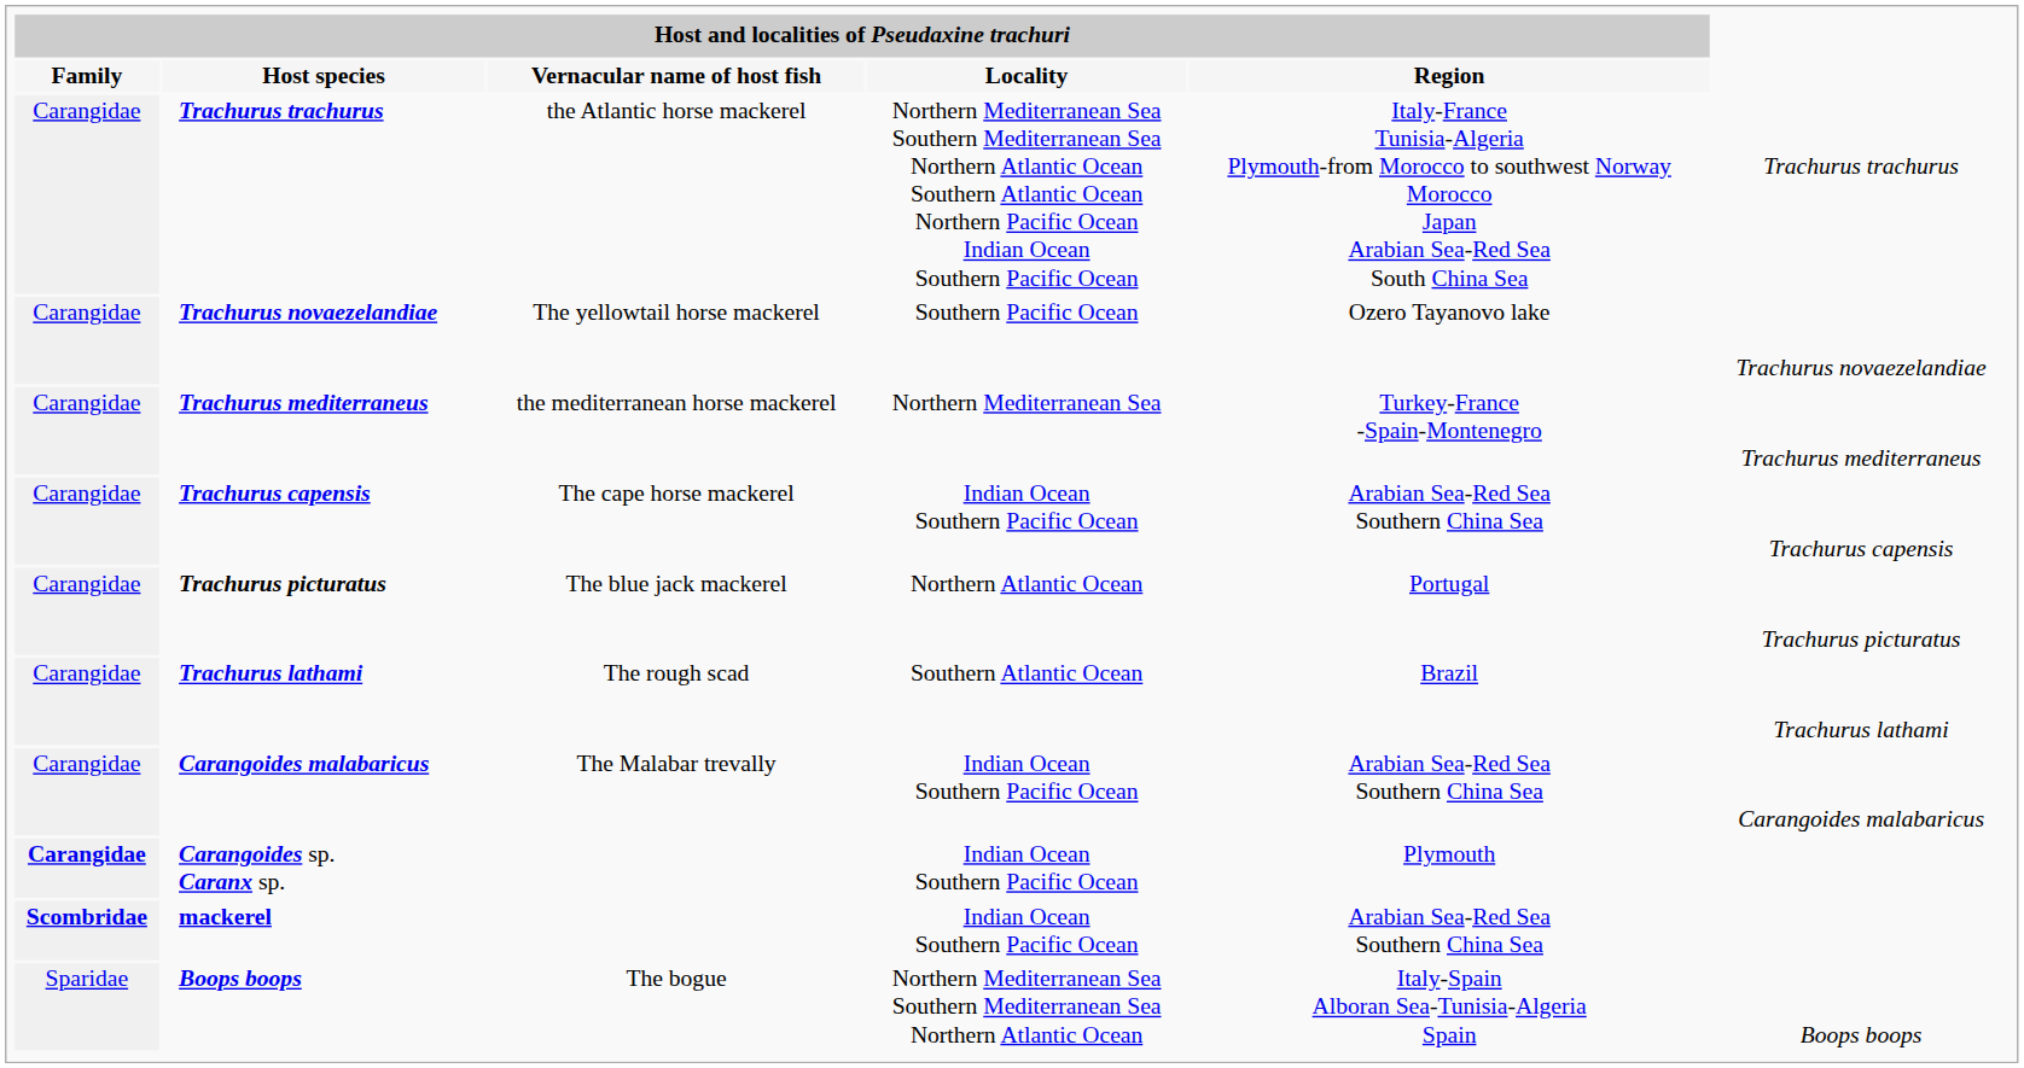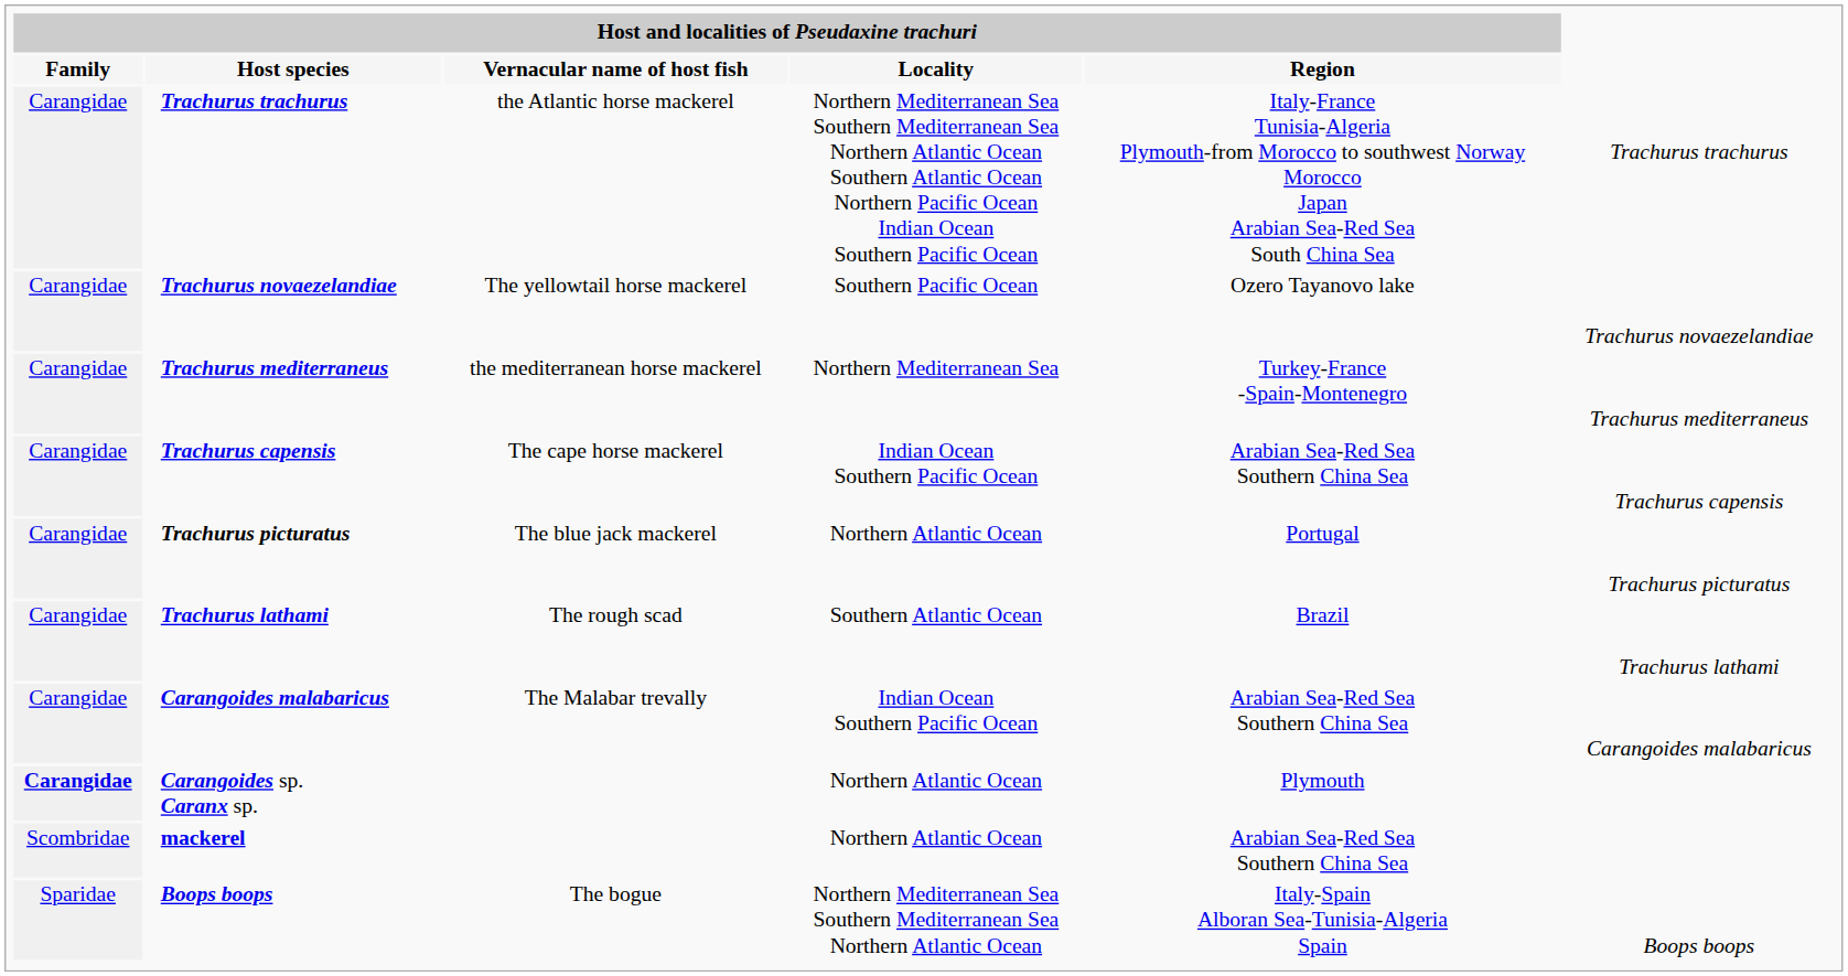 <table class="infobox" style="text-align:center; width:97%; margin-right:10px; font-size:90%">
 <tr>
 <th colspan="5" style="padding:0.3em 0; line-height:1.2em; background:#ccc;">Host and localities of <em>Pseudaxine trachuri</em></th>
 </tr>
 <tr style="background:#f5f5f5;">
 <th>Family</th>
 <th>Host species</th>
 <th>Vernacular name of host fish</th>
 <th>Locality</th>
 <th>Region</th>
 </tr>
 <tr>
 <td style="background:#f0f0f0; text-align: center;"><a href='#'>Carangidae</a></td>
 <td style="text-align: left; padding-left: 10px;"><strong><em><a href='#'>Trachurus trachurus</a></em></strong></td>
 <td>the Atlantic horse mackerel</td>
 <td>Northern <a href='#'>Mediterranean Sea</a><br>Southern <a href='#'>Mediterranean Sea</a><br>Northern <a href='#'>Atlantic Ocean</a><br>Southern <a href='#'>Atlantic Ocean</a><br>Northern <a href='#'>Pacific Ocean</a><br><a href='#'>Indian Ocean</a><br>Southern <a href='#'>Pacific Ocean</a></td>
 <td><a href='#'>Italy</a>-<a href='#'>France</a><br><a href='#'>Tunisia</a>-<a href='#'>Algeria</a><br><a href='#'>Plymouth</a>-from <a href='#'>Morocco</a> to southwest <a href='#'>Norway</a>   <br><a href='#'>Morocco</a><br><a href='#'>Japan</a> <br><a href='#'>Arabian Sea</a>-<a href='#'>Red Sea</a><br>South <a href='#'>China Sea</a></td>
 <td><br><br><em>Trachurus trachurus</em><br></td>
 </tr>
 <tr>
 <td style="background:#f0f0f0; text-align: center;"><a href='#'>Carangidae</a></td>
 <td style="text-align: left; padding-left: 10px;"><strong><em><a href='#'>Trachurus novaezelandiae</a></em></strong></td>
 <td>The yellowtail horse mackerel</td>
 <td>Southern <a href='#'>Pacific Ocean</a></td>
 <td>Ozero Tayanovo lake</td>
 <td><br><br><em>Trachurus novaezelandiae</em><br></td>
 </tr>
 <tr>
 <td style="background:#f0f0f0; text-align: center;"><a href='#'>Carangidae</a></td>
 <td style="text-align: left; padding-left: 10px;"><strong><em><a href='#'>Trachurus mediterraneus</a></em></strong></td>
 <td>the mediterranean horse mackerel</td>
 <td>Northern <a href='#'>Mediterranean Sea</a></td>
 <td><a href='#'>Turkey</a>-<a href='#'>France</a><br>-<a href='#'>Spain</a>-<a href='#'>Montenegro</a></td>
 <td><br><br><em>Trachurus mediterraneus</em><br></td>
 </tr>
 <tr>
 <td style="background:#f0f0f0; text-align: center;"><a href='#'>Carangidae</a></td>
 <td style="text-align: left; padding-left: 10px;"><strong><em><a href='#'>Trachurus capensis</a></em></strong></td>
 <td>The cape horse mackerel</td>
 <td><a href='#'>Indian Ocean</a><br>Southern <a href='#'>Pacific Ocean</a></td>
 <td><a href='#'>Arabian Sea</a>-<a href='#'>Red Sea</a><br>Southern <a href='#'>China Sea</a></td>
 <td><br><br><em>Trachurus capensis</em><br></td>
 </tr>
 <tr>
 <td style="background:#f0f0f0; text-align: center;"><a href='#'>Carangidae</a></td>
 <td style="text-align: left; padding-left: 10px;"><strong><em>Trachurus picturatus</em></strong></td>
 <td>The blue jack mackerel</td>
 <td>Northern <a href='#'>Atlantic Ocean</a></td>
 <td><a href='#'>Portugal</a></td>
 <td><br><br><em>Trachurus picturatus</em><br></td>
 </tr>
 <tr>
 <td style="background:#f0f0f0; text-align: center;"><a href='#'>Carangidae</a></td>
 <td style="text-align: left; padding-left: 10px;"><strong><em><a href='#'>Trachurus lathami</a></em></strong></td>
 <td>The rough scad</td>
 <td>Southern <a href='#'>Atlantic Ocean</a></td>
 <td><a href='#'>Brazil</a></td>
 <td><br><br><em>Trachurus lathami</em><br></td>
 </tr>
 <tr>
 <td style="background:#f0f0f0; text-align: center;"><a href='#'>Carangidae</a></td>
 <td style="text-align: left; padding-left: 10px;"><strong><em><a href='#'>Carangoides malabaricus</a></em></strong></td>
 <td>The Malabar trevally</td>
 <td><a href='#'>Indian Ocean</a><br>Southern <a href='#'>Pacific Ocean</a></td>
 <td><a href='#'>Arabian Sea</a>-<a href='#'>Red Sea</a><br>Southern <a href='#'>China Sea</a></td>
 <td><br><br><em>Carangoides malabaricus</em><br></td>
 </tr>
 <tr>
 <td style="background:#f0f0f0; text-align: center;"><strong><a href='#'>Carangidae</a></strong></td>
 <td style="text-align: left; padding-left: 10px;"><strong><em><a href='#'>Carangoides</a></em></strong> sp.<br><strong><em><a href='#'>Caranx</a></em></strong> sp.</td>
 <td></td>
-<td><a href='#'>Indian Ocean</a><br>Southern <a href='#'>Pacific Ocean</a></td>
+<td>Northern <a href='#'>Atlantic Ocean</a></td>
 <td><a href='#'>Plymouth</a></td>
 </tr>
 <tr>
-<td style="background:#f0f0f0; text-align: center;"><strong><a href='#'>Scombridae</a></strong></td>
+<td style="background:#f0f0f0; text-align: center;"><a href='#'>Scombridae</a></td>
 <td style="text-align: left; padding-left: 10px;"><strong><a href='#'>mackerel</a></strong></td>
 <td></td>
-<td><a href='#'>Indian Ocean</a><br>Southern <a href='#'>Pacific Ocean</a></td>
+<td>Northern <a href='#'>Atlantic Ocean</a></td>
 <td><a href='#'>Arabian Sea</a>-<a href='#'>Red Sea</a><br>Southern <a href='#'>China Sea</a></td>
 </tr>
 <tr>
 <td style="background:#f0f0f0; text-align: center;"><a href='#'>Sparidae</a></td>
 <td style="text-align: left; padding-left: 10px;"><strong><em><a href='#'>Boops boops</a></em></strong></td>
 <td>The bogue</td>
 <td>Northern <a href='#'>Mediterranean Sea</a><br>Southern <a href='#'>Mediterranean Sea</a><br>Northern <a href='#'>Atlantic Ocean</a></td>
 <td><a href='#'>Italy</a>-<a href='#'>Spain</a><br><a href='#'>Alboran Sea</a>-<a href='#'>Tunisia</a>-<a href='#'>Algeria</a><br><a href='#'>Spain</a></td>
 <td><br><br><em>Boops boops</em><br></td>
 </tr>
 <tr>
 </tr>
 </table>
